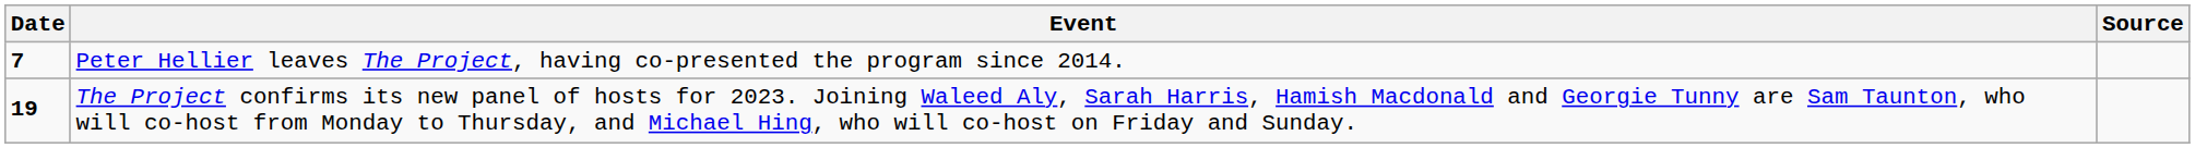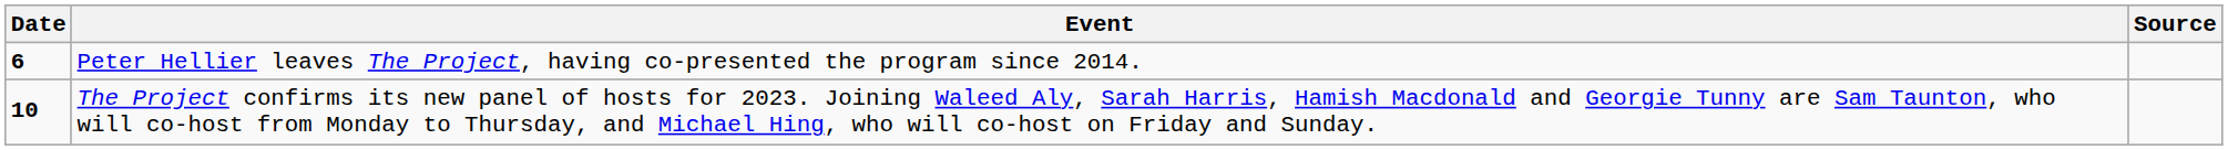 <table class="wikitable">
 <tr>
 <th>Date</th>
 <th>Event</th>
 <th>Source</th>
 </tr>
 <tr>
-<td><strong>7</strong></td>
+<td><strong>6</strong></td>
 <td><a href='#'>Peter Hellier</a> leaves <em><a href='#'>The Project</a></em>, having co-presented the program since 2014.</td>
 <td></td>
 </tr>
 <tr>
-<td><strong>19</strong></td>
+<td><strong>10</strong></td>
 <td><em><a href='#'>The Project</a></em> confirms its new panel of hosts for 2023. Joining <a href='#'>Waleed Aly</a>, <a href='#'>Sarah Harris</a>, <a href='#'>Hamish Macdonald</a> and <a href='#'>Georgie Tunny</a> are <a href='#'>Sam Taunton</a>, who will co-host from Monday to Thursday, and <a href='#'>Michael Hing</a>, who will co-host on Friday and Sunday.</td>
 <td></td>
 </tr>
 </table>
